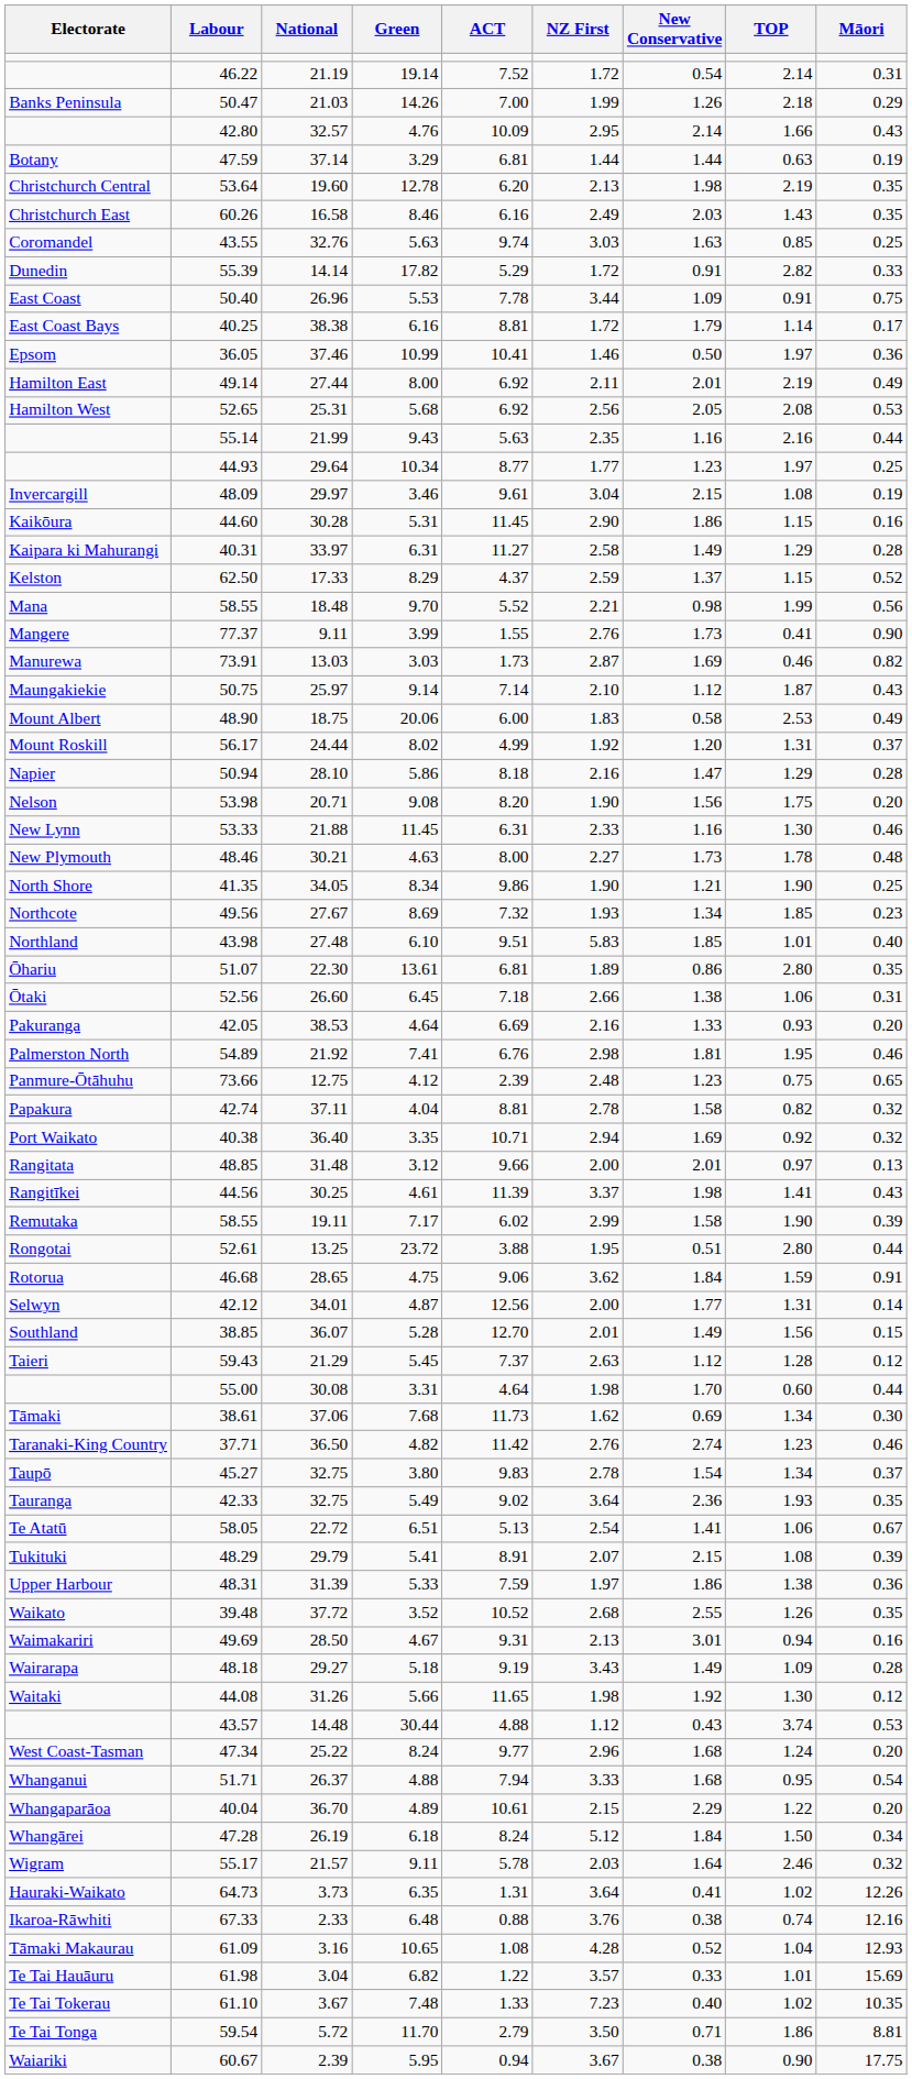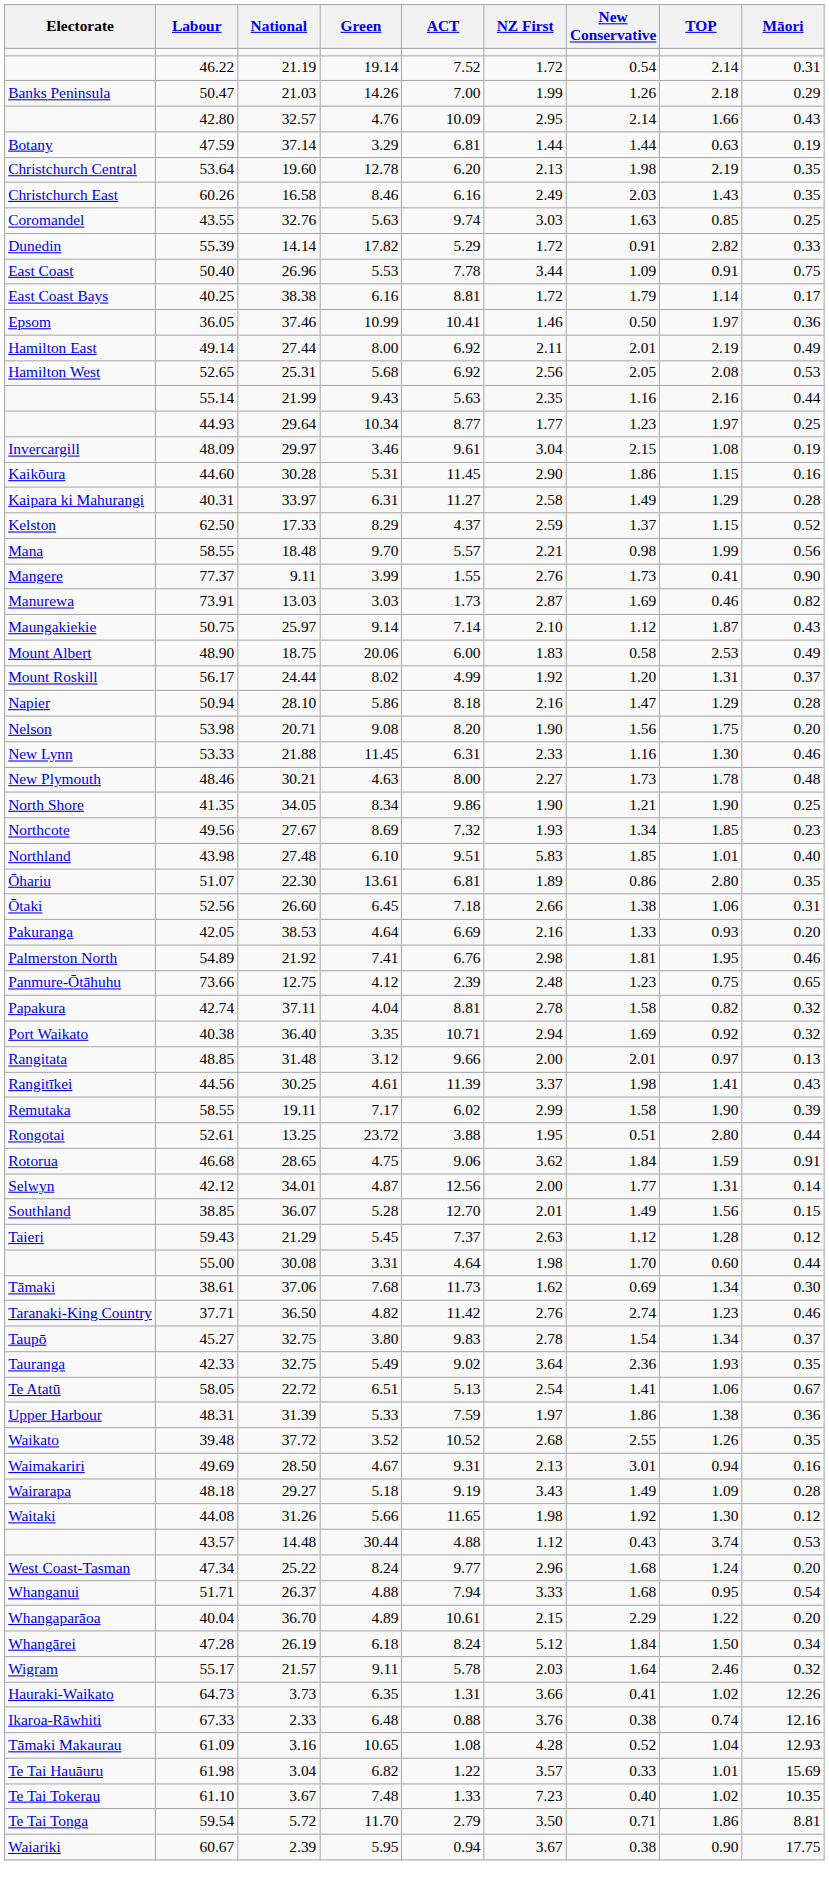 <table style="font-size: 90%;text-align:right;" class="wikitable sortable">
 <tr>
 <th rowspan=1>Electorate</th>
 <th style="width:70px;"><a href='#'>Labour</a></th>
 <th style="width:70px;"><a href='#'>National</a></th>
 <th style="width:70px;"><a href='#'>Green</a></th>
 <th style="width:70px;"><a href='#'>ACT</a></th>
 <th style="width:70px;"><a href='#'>NZ First</a></th>
 <th style="width:70px;"><a href='#'>New Conservative</a></th>
 <th style="width:70px;"><a href='#'>TOP</a></th>
 <th style="width:70px;"><a href='#'>Māori</a></th>
 </tr>
 <tr>
 <td></td>
 <td style="background:"></td>
 <td style="background:"></td>
 <td style="background:"></td>
 <td style="background:"></td>
 <td style="background:"></td>
 <td style="background:"></td>
 <td style="background:"></td>
 <td style="background:"></td>
 </tr>
 <tr>
 <td style="text-align:left"></td>
 <td>46.22</td>
 <td>21.19</td>
 <td>19.14</td>
 <td>7.52</td>
 <td>1.72</td>
 <td>0.54</td>
 <td>2.14</td>
 <td>0.31</td>
 </tr>
 <tr>
 <td style="text-align:left"><a href='#'>Banks Peninsula</a></td>
 <td>50.47</td>
 <td>21.03</td>
 <td>14.26</td>
 <td>7.00</td>
 <td>1.99</td>
 <td>1.26</td>
 <td>2.18</td>
 <td>0.29</td>
 </tr>
 <tr>
 <td style="text-align:left"></td>
 <td>42.80</td>
 <td>32.57</td>
 <td>4.76</td>
 <td>10.09</td>
 <td>2.95</td>
 <td>2.14</td>
 <td>1.66</td>
 <td>0.43</td>
 </tr>
 <tr>
 <td style="text-align:left"><a href='#'>Botany</a></td>
 <td>47.59</td>
 <td>37.14</td>
 <td>3.29</td>
 <td>6.81</td>
 <td>1.44</td>
 <td>1.44</td>
 <td>0.63</td>
 <td>0.19</td>
 </tr>
 <tr>
 <td style="text-align:left"><a href='#'>Christchurch Central</a></td>
 <td>53.64</td>
 <td>19.60</td>
 <td>12.78</td>
 <td>6.20</td>
 <td>2.13</td>
 <td>1.98</td>
 <td>2.19</td>
 <td>0.35</td>
 </tr>
 <tr>
 <td style="text-align:left"><a href='#'>Christchurch East</a></td>
 <td>60.26</td>
 <td>16.58</td>
 <td>8.46</td>
 <td>6.16</td>
 <td>2.49</td>
 <td>2.03</td>
 <td>1.43</td>
 <td>0.35</td>
 </tr>
 <tr>
 <td style="text-align:left"><a href='#'>Coromandel</a></td>
 <td>43.55</td>
 <td>32.76</td>
 <td>5.63</td>
 <td>9.74</td>
 <td>3.03</td>
 <td>1.63</td>
 <td>0.85</td>
 <td>0.25</td>
 </tr>
 <tr>
 <td style="text-align:left"><a href='#'>Dunedin</a></td>
 <td>55.39</td>
 <td>14.14</td>
 <td>17.82</td>
 <td>5.29</td>
 <td>1.72</td>
 <td>0.91</td>
 <td>2.82</td>
 <td>0.33</td>
 </tr>
 <tr>
 <td style="text-align:left"><a href='#'>East Coast</a></td>
 <td>50.40</td>
 <td>26.96</td>
 <td>5.53</td>
 <td>7.78</td>
 <td>3.44</td>
 <td>1.09</td>
 <td>0.91</td>
 <td>0.75</td>
 </tr>
 <tr>
 <td style="text-align:left"><a href='#'>East Coast Bays</a></td>
 <td>40.25</td>
 <td>38.38</td>
 <td>6.16</td>
 <td>8.81</td>
 <td>1.72</td>
 <td>1.79</td>
 <td>1.14</td>
 <td>0.17</td>
 </tr>
 <tr>
 <td style="text-align:left"><a href='#'>Epsom</a></td>
 <td>36.05</td>
 <td>37.46</td>
 <td>10.99</td>
 <td>10.41</td>
 <td>1.46</td>
 <td>0.50</td>
 <td>1.97</td>
 <td>0.36</td>
 </tr>
 <tr>
 <td style="text-align:left"><a href='#'>Hamilton East</a></td>
 <td>49.14</td>
 <td>27.44</td>
 <td>8.00</td>
 <td>6.92</td>
 <td>2.11</td>
 <td>2.01</td>
 <td>2.19</td>
 <td>0.49</td>
 </tr>
 <tr>
 <td style="text-align:left"><a href='#'>Hamilton West</a></td>
 <td>52.65</td>
 <td>25.31</td>
 <td>5.68</td>
 <td>6.92</td>
 <td>2.56</td>
 <td>2.05</td>
 <td>2.08</td>
 <td>0.53</td>
 </tr>
 <tr>
 <td style="text-align:left"></td>
 <td>55.14</td>
 <td>21.99</td>
 <td>9.43</td>
 <td>5.63</td>
 <td>2.35</td>
 <td>1.16</td>
 <td>2.16</td>
 <td>0.44</td>
 </tr>
 <tr>
 <td style="text-align:left"></td>
 <td>44.93</td>
 <td>29.64</td>
 <td>10.34</td>
 <td>8.77</td>
 <td>1.77</td>
 <td>1.23</td>
 <td>1.97</td>
 <td>0.25</td>
 </tr>
 <tr>
 <td style="text-align:left"><a href='#'>Invercargill</a></td>
 <td>48.09</td>
 <td>29.97</td>
 <td>3.46</td>
 <td>9.61</td>
 <td>3.04</td>
 <td>2.15</td>
 <td>1.08</td>
 <td>0.19</td>
 </tr>
 <tr>
 <td style="text-align:left"><a href='#'>Kaikōura</a></td>
 <td>44.60</td>
 <td>30.28</td>
 <td>5.31</td>
 <td>11.45</td>
 <td>2.90</td>
 <td>1.86</td>
 <td>1.15</td>
 <td>0.16</td>
 </tr>
 <tr>
 <td style="text-align:left"><a href='#'>Kaipara ki Mahurangi</a></td>
 <td>40.31</td>
 <td>33.97</td>
 <td>6.31</td>
 <td>11.27</td>
 <td>2.58</td>
 <td>1.49</td>
 <td>1.29</td>
 <td>0.28</td>
 </tr>
 <tr>
 <td style="text-align:left"><a href='#'>Kelston</a></td>
 <td>62.50</td>
 <td>17.33</td>
 <td>8.29</td>
 <td>4.37</td>
 <td>2.59</td>
 <td>1.37</td>
 <td>1.15</td>
 <td>0.52</td>
 </tr>
 <tr>
 <td style="text-align:left"><a href='#'>Mana</a></td>
 <td>58.55</td>
 <td>18.48</td>
 <td>9.70</td>
-<td>5.52</td>
+<td>5.57</td>
 <td>2.21</td>
 <td>0.98</td>
 <td>1.99</td>
 <td>0.56</td>
 </tr>
 <tr>
 <td style="text-align:left"><a href='#'>Mangere</a></td>
 <td>77.37</td>
 <td>9.11</td>
 <td>3.99</td>
 <td>1.55</td>
 <td>2.76</td>
 <td>1.73</td>
 <td>0.41</td>
 <td>0.90</td>
 </tr>
 <tr>
 <td style="text-align:left"><a href='#'>Manurewa</a></td>
 <td>73.91</td>
 <td>13.03</td>
 <td>3.03</td>
 <td>1.73</td>
 <td>2.87</td>
 <td>1.69</td>
 <td>0.46</td>
 <td>0.82</td>
 </tr>
 <tr>
 <td style="text-align:left"><a href='#'>Maungakiekie</a></td>
 <td>50.75</td>
 <td>25.97</td>
 <td>9.14</td>
 <td>7.14</td>
 <td>2.10</td>
 <td>1.12</td>
 <td>1.87</td>
 <td>0.43</td>
 </tr>
 <tr>
 <td style="text-align:left"><a href='#'>Mount Albert</a></td>
 <td>48.90</td>
 <td>18.75</td>
 <td>20.06</td>
 <td>6.00</td>
 <td>1.83</td>
 <td>0.58</td>
 <td>2.53</td>
 <td>0.49</td>
 </tr>
 <tr>
 <td style="text-align:left"><a href='#'>Mount Roskill</a></td>
 <td>56.17</td>
 <td>24.44</td>
 <td>8.02</td>
 <td>4.99</td>
 <td>1.92</td>
 <td>1.20</td>
 <td>1.31</td>
 <td>0.37</td>
 </tr>
 <tr>
 <td style="text-align:left"><a href='#'>Napier</a></td>
 <td>50.94</td>
 <td>28.10</td>
 <td>5.86</td>
 <td>8.18</td>
 <td>2.16</td>
 <td>1.47</td>
 <td>1.29</td>
 <td>0.28</td>
 </tr>
 <tr>
 <td style="text-align:left"><a href='#'>Nelson</a></td>
 <td>53.98</td>
 <td>20.71</td>
 <td>9.08</td>
 <td>8.20</td>
 <td>1.90</td>
 <td>1.56</td>
 <td>1.75</td>
 <td>0.20</td>
 </tr>
 <tr>
 <td style="text-align:left"><a href='#'>New Lynn</a></td>
 <td>53.33</td>
 <td>21.88</td>
 <td>11.45</td>
 <td>6.31</td>
 <td>2.33</td>
 <td>1.16</td>
 <td>1.30</td>
 <td>0.46</td>
 </tr>
 <tr>
 <td style="text-align:left"><a href='#'>New Plymouth</a></td>
 <td>48.46</td>
 <td>30.21</td>
 <td>4.63</td>
 <td>8.00</td>
 <td>2.27</td>
 <td>1.73</td>
 <td>1.78</td>
 <td>0.48</td>
 </tr>
 <tr>
 <td style="text-align:left"><a href='#'>North Shore</a></td>
 <td>41.35</td>
 <td>34.05</td>
 <td>8.34</td>
 <td>9.86</td>
 <td>1.90</td>
 <td>1.21</td>
 <td>1.90</td>
 <td>0.25</td>
 </tr>
 <tr>
 <td style="text-align:left"><a href='#'>Northcote</a></td>
 <td>49.56</td>
 <td>27.67</td>
 <td>8.69</td>
 <td>7.32</td>
 <td>1.93</td>
 <td>1.34</td>
 <td>1.85</td>
 <td>0.23</td>
 </tr>
 <tr>
 <td style="text-align:left"><a href='#'>Northland</a></td>
 <td>43.98</td>
 <td>27.48</td>
 <td>6.10</td>
 <td>9.51</td>
 <td>5.83</td>
 <td>1.85</td>
 <td>1.01</td>
 <td>0.40</td>
 </tr>
 <tr>
 <td style="text-align:left"><a href='#'>Ōhariu</a></td>
 <td>51.07</td>
 <td>22.30</td>
 <td>13.61</td>
 <td>6.81</td>
 <td>1.89</td>
 <td>0.86</td>
 <td>2.80</td>
 <td>0.35</td>
 </tr>
 <tr>
 <td style="text-align:left"><a href='#'>Ōtaki</a></td>
 <td>52.56</td>
 <td>26.60</td>
 <td>6.45</td>
 <td>7.18</td>
 <td>2.66</td>
 <td>1.38</td>
 <td>1.06</td>
 <td>0.31</td>
 </tr>
 <tr>
 <td style="text-align:left"><a href='#'>Pakuranga</a></td>
 <td>42.05</td>
 <td>38.53</td>
 <td>4.64</td>
 <td>6.69</td>
 <td>2.16</td>
 <td>1.33</td>
 <td>0.93</td>
 <td>0.20</td>
 </tr>
 <tr>
 <td style="text-align:left"><a href='#'>Palmerston North</a></td>
 <td>54.89</td>
 <td>21.92</td>
 <td>7.41</td>
 <td>6.76</td>
 <td>2.98</td>
 <td>1.81</td>
 <td>1.95</td>
 <td>0.46</td>
 </tr>
 <tr>
 <td style="text-align:left"><a href='#'>Panmure-Ōtāhuhu</a></td>
 <td>73.66</td>
 <td>12.75</td>
 <td>4.12</td>
 <td>2.39</td>
 <td>2.48</td>
 <td>1.23</td>
 <td>0.75</td>
 <td>0.65</td>
 </tr>
 <tr>
 <td style="text-align:left"><a href='#'>Papakura</a></td>
 <td>42.74</td>
 <td>37.11</td>
 <td>4.04</td>
 <td>8.81</td>
 <td>2.78</td>
 <td>1.58</td>
 <td>0.82</td>
 <td>0.32</td>
 </tr>
 <tr>
 <td style="text-align:left"><a href='#'>Port Waikato</a></td>
 <td>40.38</td>
 <td>36.40</td>
 <td>3.35</td>
 <td>10.71</td>
 <td>2.94</td>
 <td>1.69</td>
 <td>0.92</td>
 <td>0.32</td>
 </tr>
 <tr>
 <td style="text-align:left"><a href='#'>Rangitata</a></td>
 <td>48.85</td>
 <td>31.48</td>
 <td>3.12</td>
 <td>9.66</td>
 <td>2.00</td>
 <td>2.01</td>
 <td>0.97</td>
 <td>0.13</td>
 </tr>
 <tr>
 <td style="text-align:left"><a href='#'>Rangitīkei</a></td>
 <td>44.56</td>
 <td>30.25</td>
 <td>4.61</td>
 <td>11.39</td>
 <td>3.37</td>
 <td>1.98</td>
 <td>1.41</td>
 <td>0.43</td>
 </tr>
 <tr>
 <td style="text-align:left"><a href='#'>Remutaka</a></td>
 <td>58.55</td>
 <td>19.11</td>
 <td>7.17</td>
 <td>6.02</td>
 <td>2.99</td>
 <td>1.58</td>
 <td>1.90</td>
 <td>0.39</td>
 </tr>
 <tr>
 <td style="text-align:left"><a href='#'>Rongotai</a></td>
 <td>52.61</td>
 <td>13.25</td>
 <td>23.72</td>
 <td>3.88</td>
 <td>1.95</td>
 <td>0.51</td>
 <td>2.80</td>
 <td>0.44</td>
 </tr>
 <tr>
 <td style="text-align:left"><a href='#'>Rotorua</a></td>
 <td>46.68</td>
 <td>28.65</td>
 <td>4.75</td>
 <td>9.06</td>
 <td>3.62</td>
 <td>1.84</td>
 <td>1.59</td>
 <td>0.91</td>
 </tr>
 <tr>
 <td style="text-align:left"><a href='#'>Selwyn</a></td>
 <td>42.12</td>
 <td>34.01</td>
 <td>4.87</td>
 <td>12.56</td>
 <td>2.00</td>
 <td>1.77</td>
 <td>1.31</td>
 <td>0.14</td>
 </tr>
 <tr>
 <td style="text-align:left"><a href='#'>Southland</a></td>
 <td>38.85</td>
 <td>36.07</td>
 <td>5.28</td>
 <td>12.70</td>
 <td>2.01</td>
 <td>1.49</td>
 <td>1.56</td>
 <td>0.15</td>
 </tr>
 <tr>
 <td style="text-align:left"><a href='#'>Taieri</a></td>
 <td>59.43</td>
 <td>21.29</td>
 <td>5.45</td>
 <td>7.37</td>
 <td>2.63</td>
 <td>1.12</td>
 <td>1.28</td>
 <td>0.12</td>
 </tr>
 <tr>
 <td style="text-align:left"></td>
 <td>55.00</td>
 <td>30.08</td>
 <td>3.31</td>
 <td>4.64</td>
 <td>1.98</td>
 <td>1.70</td>
 <td>0.60</td>
 <td>0.44</td>
 </tr>
 <tr>
 <td style="text-align:left"><a href='#'>Tāmaki</a></td>
 <td>38.61</td>
 <td>37.06</td>
 <td>7.68</td>
 <td>11.73</td>
 <td>1.62</td>
 <td>0.69</td>
 <td>1.34</td>
 <td>0.30</td>
 </tr>
 <tr>
 <td style="text-align:left"><a href='#'>Taranaki-King Country</a></td>
 <td>37.71</td>
 <td>36.50</td>
 <td>4.82</td>
 <td>11.42</td>
 <td>2.76</td>
 <td>2.74</td>
 <td>1.23</td>
 <td>0.46</td>
 </tr>
 <tr>
 <td style="text-align:left"><a href='#'>Taupō</a></td>
 <td>45.27</td>
 <td>32.75</td>
 <td>3.80</td>
 <td>9.83</td>
 <td>2.78</td>
 <td>1.54</td>
 <td>1.34</td>
 <td>0.37</td>
 </tr>
 <tr>
 <td style="text-align:left"><a href='#'>Tauranga</a></td>
 <td>42.33</td>
 <td>32.75</td>
 <td>5.49</td>
 <td>9.02</td>
 <td>3.64</td>
 <td>2.36</td>
 <td>1.93</td>
 <td>0.35</td>
 </tr>
 <tr>
 <td style="text-align:left"><a href='#'>Te Atatū</a></td>
 <td>58.05</td>
 <td>22.72</td>
 <td>6.51</td>
 <td>5.13</td>
 <td>2.54</td>
 <td>1.41</td>
 <td>1.06</td>
 <td>0.67</td>
 </tr>
 <tr>
-<td style="text-align:left"><a href='#'>Tukituki</a></td>
-<td>48.29</td>
-<td>29.79</td>
-<td>5.41</td>
-<td>8.91</td>
-<td>2.07</td>
-<td>2.15</td>
-<td>1.08</td>
-<td>0.39</td>
-</tr>
-<tr>
 <td style="text-align:left"><a href='#'>Upper Harbour</a></td>
 <td>48.31</td>
 <td>31.39</td>
 <td>5.33</td>
 <td>7.59</td>
 <td>1.97</td>
 <td>1.86</td>
 <td>1.38</td>
 <td>0.36</td>
 </tr>
 <tr>
 <td style="text-align:left"><a href='#'>Waikato</a></td>
 <td>39.48</td>
 <td>37.72</td>
 <td>3.52</td>
 <td>10.52</td>
 <td>2.68</td>
 <td>2.55</td>
 <td>1.26</td>
 <td>0.35</td>
 </tr>
 <tr>
 <td style="text-align:left"><a href='#'>Waimakariri</a></td>
 <td>49.69</td>
 <td>28.50</td>
 <td>4.67</td>
 <td>9.31</td>
 <td>2.13</td>
 <td>3.01</td>
 <td>0.94</td>
 <td>0.16</td>
 </tr>
 <tr>
 <td style="text-align:left"><a href='#'>Wairarapa</a></td>
 <td>48.18</td>
 <td>29.27</td>
 <td>5.18</td>
 <td>9.19</td>
 <td>3.43</td>
 <td>1.49</td>
 <td>1.09</td>
 <td>0.28</td>
 </tr>
 <tr>
 <td style="text-align:left"><a href='#'>Waitaki</a></td>
 <td>44.08</td>
 <td>31.26</td>
 <td>5.66</td>
 <td>11.65</td>
 <td>1.98</td>
 <td>1.92</td>
 <td>1.30</td>
 <td>0.12</td>
 </tr>
 <tr>
 <td style="text-align:left"></td>
 <td>43.57</td>
 <td>14.48</td>
 <td>30.44</td>
 <td>4.88</td>
 <td>1.12</td>
 <td>0.43</td>
 <td>3.74</td>
 <td>0.53</td>
 </tr>
 <tr>
 <td style="text-align:left"><a href='#'>West Coast-Tasman</a></td>
 <td>47.34</td>
 <td>25.22</td>
 <td>8.24</td>
 <td>9.77</td>
 <td>2.96</td>
 <td>1.68</td>
 <td>1.24</td>
 <td>0.20</td>
 </tr>
 <tr>
 <td style="text-align:left"><a href='#'>Whanganui</a></td>
 <td>51.71</td>
 <td>26.37</td>
 <td>4.88</td>
 <td>7.94</td>
 <td>3.33</td>
 <td>1.68</td>
 <td>0.95</td>
 <td>0.54</td>
 </tr>
 <tr>
 <td style="text-align:left"><a href='#'>Whangaparāoa</a></td>
 <td>40.04</td>
 <td>36.70</td>
 <td>4.89</td>
 <td>10.61</td>
 <td>2.15</td>
 <td>2.29</td>
 <td>1.22</td>
 <td>0.20</td>
 </tr>
 <tr>
 <td style="text-align:left"><a href='#'>Whangārei</a></td>
 <td>47.28</td>
 <td>26.19</td>
 <td>6.18</td>
 <td>8.24</td>
 <td>5.12</td>
 <td>1.84</td>
 <td>1.50</td>
 <td>0.34</td>
 </tr>
 <tr>
 <td style="text-align:left"><a href='#'>Wigram</a></td>
 <td>55.17</td>
 <td>21.57</td>
 <td>9.11</td>
 <td>5.78</td>
 <td>2.03</td>
 <td>1.64</td>
 <td>2.46</td>
 <td>0.32</td>
 </tr>
 <tr>
 <td style="text-align:left"><a href='#'>Hauraki-Waikato</a></td>
 <td>64.73</td>
 <td>3.73</td>
 <td>6.35</td>
 <td>1.31</td>
-<td>3.64</td>
+<td>3.66</td>
 <td>0.41</td>
 <td>1.02</td>
 <td>12.26</td>
 </tr>
 <tr>
 <td style="text-align:left"><a href='#'>Ikaroa-Rāwhiti</a></td>
 <td>67.33</td>
 <td>2.33</td>
 <td>6.48</td>
 <td>0.88</td>
 <td>3.76</td>
 <td>0.38</td>
 <td>0.74</td>
 <td>12.16</td>
 </tr>
 <tr>
 <td style="text-align:left"><a href='#'>Tāmaki Makaurau</a></td>
 <td>61.09</td>
 <td>3.16</td>
 <td>10.65</td>
 <td>1.08</td>
 <td>4.28</td>
 <td>0.52</td>
 <td>1.04</td>
 <td>12.93</td>
 </tr>
 <tr>
 <td style="text-align:left"><a href='#'>Te Tai Hauāuru</a></td>
 <td>61.98</td>
 <td>3.04</td>
 <td>6.82</td>
 <td>1.22</td>
 <td>3.57</td>
 <td>0.33</td>
 <td>1.01</td>
 <td>15.69</td>
 </tr>
 <tr>
 <td style="text-align:left"><a href='#'>Te Tai Tokerau</a></td>
 <td>61.10</td>
 <td>3.67</td>
 <td>7.48</td>
 <td>1.33</td>
 <td>7.23</td>
 <td>0.40</td>
 <td>1.02</td>
 <td>10.35</td>
 </tr>
 <tr>
 <td style="text-align:left"><a href='#'>Te Tai Tonga</a></td>
 <td>59.54</td>
 <td>5.72</td>
 <td>11.70</td>
 <td>2.79</td>
 <td>3.50</td>
 <td>0.71</td>
 <td>1.86</td>
 <td>8.81</td>
 </tr>
 <tr>
 <td style="text-align:left"><a href='#'>Waiariki</a></td>
 <td>60.67</td>
 <td>2.39</td>
 <td>5.95</td>
 <td>0.94</td>
 <td>3.67</td>
 <td>0.38</td>
 <td>0.90</td>
 <td>17.75</td>
 </tr>
 </table>
